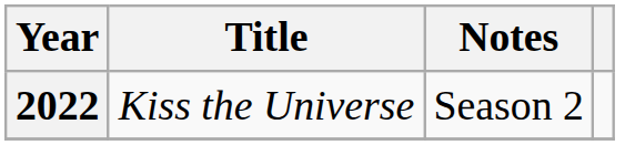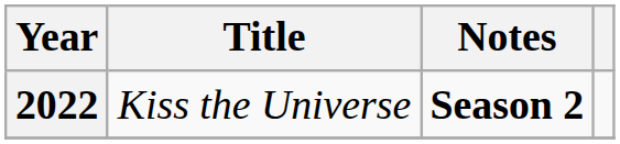 <table class="wikitable  plainrowheaders">
 <tr>
 <th scope="col">Year</th>
 <th scope="col">Title</th>
 <th scope="col">Notes</th>
 <th scope="col" class="unsortable"></th>
 </tr>
 <tr>
 <th scope="row">2022</th>
 <td><em>Kiss the Universe</em></td>
-<td>Season 2</td>
+<td><strong>Season 2</strong></td>
 <td></td>
 </tr>
 <tr>
 </tr>
 </table>
